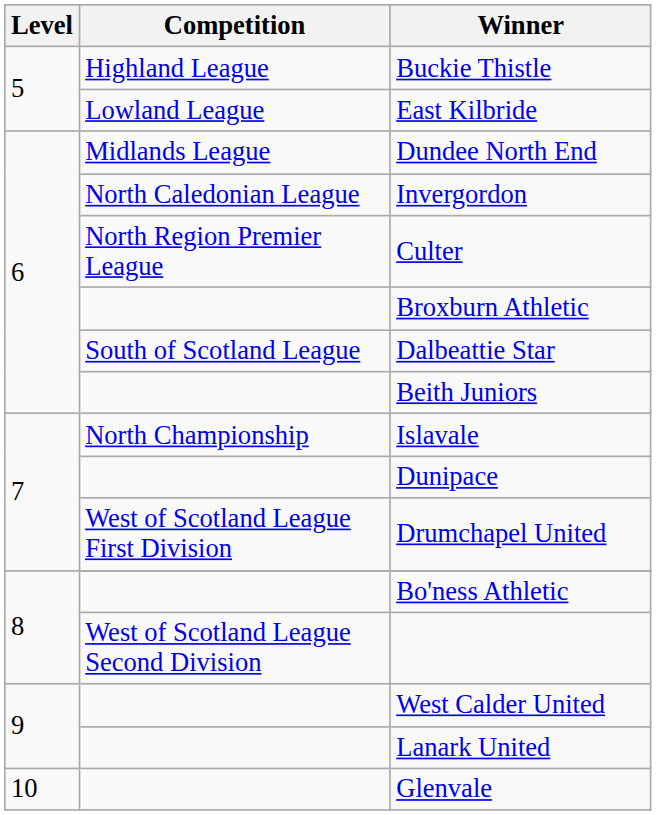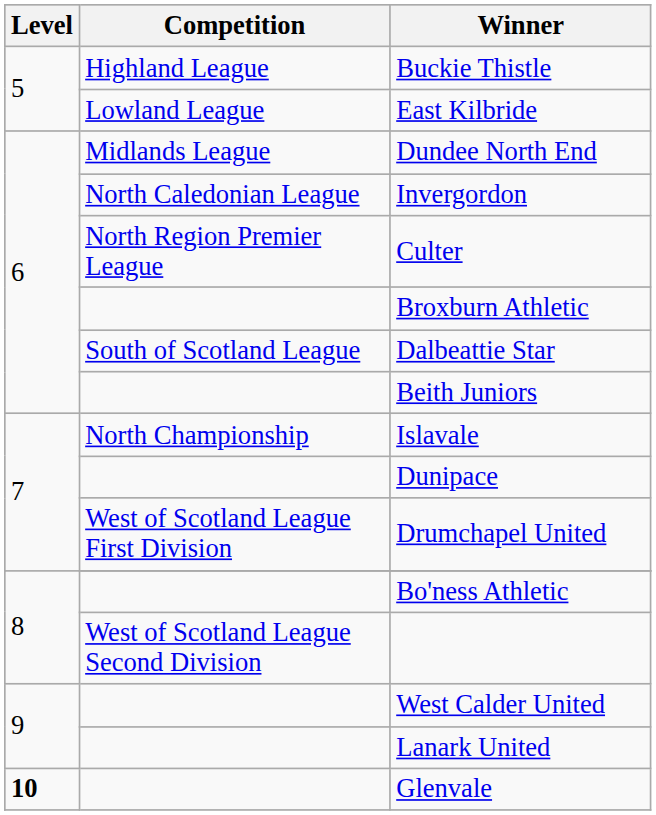 <table class="wikitable">
 <tr>
 <th>Level</th>
 <th width=180>Competition</th>
 <th width=150>Winner</th>
 </tr>
 <tr>
 <td rowspan="2">5</td>
 <td><a href='#'>Highland League</a></td>
 <td><a href='#'>Buckie Thistle</a></td>
 </tr>
 <tr>
 <td><a href='#'>Lowland League</a></td>
 <td><a href='#'>East Kilbride</a></td>
 </tr>
 <tr>
 <td rowspan="6">6</td>
 <td><a href='#'>Midlands League</a></td>
 <td><a href='#'>Dundee North End</a></td>
 </tr>
 <tr>
 <td><a href='#'>North Caledonian League</a></td>
 <td><a href='#'>Invergordon</a></td>
 </tr>
 <tr>
 <td><a href='#'>North Region Premier League</a></td>
 <td><a href='#'>Culter</a></td>
 </tr>
 <tr>
 <td></td>
 <td><a href='#'>Broxburn Athletic</a></td>
 </tr>
 <tr>
 <td><a href='#'>South of Scotland League</a></td>
 <td><a href='#'>Dalbeattie Star</a></td>
 </tr>
 <tr>
 <td></td>
 <td><a href='#'>Beith Juniors</a></td>
 </tr>
 <tr>
 <td rowspan="3">7</td>
 <td><a href='#'>North Championship</a></td>
 <td><a href='#'>Islavale</a></td>
 </tr>
 <tr>
 <td></td>
 <td><a href='#'>Dunipace</a></td>
 </tr>
 <tr>
 <td><a href='#'>West of Scotland League First Division</a></td>
 <td><a href='#'>Drumchapel United</a></td>
 </tr>
 <tr>
 <td rowspan="3">8</td>
 </tr>
 <tr>
 <td></td>
 <td><a href='#'>Bo'ness Athletic</a></td>
 </tr>
 <tr>
 <td><a href='#'>West of Scotland League Second Division</a></td>
 <td></td>
 </tr>
 <tr>
 <td rowspan="2">9</td>
 <td></td>
 <td><a href='#'>West Calder United</a></td>
 </tr>
 <tr>
 <td></td>
 <td><a href='#'>Lanark United</a></td>
 </tr>
 <tr>
-<td>10</td>
+<td><strong>10</strong></td>
 <td></td>
 <td><a href='#'>Glenvale</a></td>
 </tr>
 </table>
